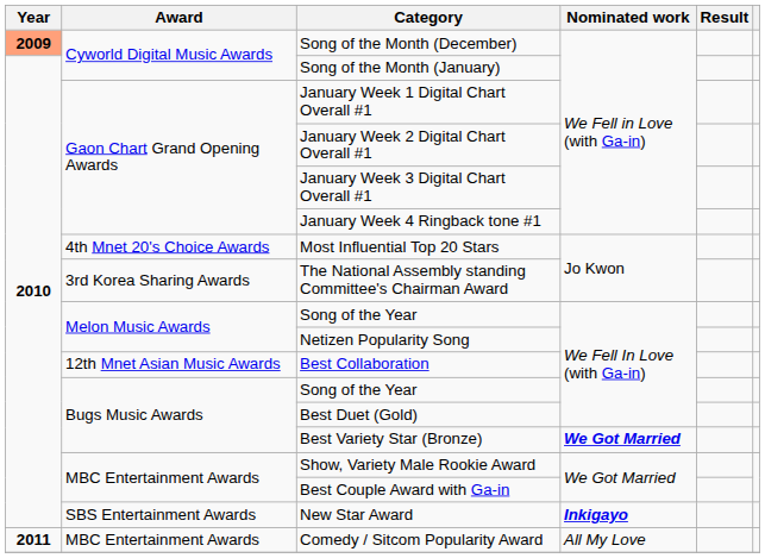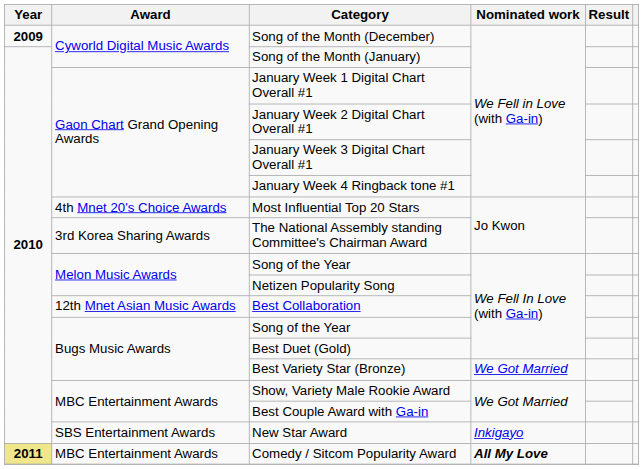 <table class="wikitable sortable">
 <tr>
 <th style="width:50px;">Year</th>
 <th style="width:230px;">Award</th>
 <th style="width:260px;">Category</th>
 <th style="width:130px;">Nominated work</th>
 <th style="width:50px;">Result</th>
 <th></th>
 </tr>
 <tr>
-<td rowspan="1" style="background: lightsalmon; text-align:center;"><strong>2009</strong></td>
+<td rowspan="1" style="text-align:center;"><strong>2009</strong></td>
 <td rowspan="2"><a href='#'>Cyworld Digital Music Awards</a></td>
 <td>Song of the Month (December)</td>
 <td rowspan="6"><em>We Fell in Love</em> (with <a href='#'>Ga-in</a>)</td>
 <td></td>
 <td></td>
 </tr>
 <tr>
 <td rowspan="16" style="text-align:center;"><strong>2010</strong></td>
 <td>Song of the Month (January)</td>
 <td></td>
 <td></td>
 </tr>
 <tr>
 <td rowspan="4"><a href='#'>Gaon Chart</a> Grand Opening Awards</td>
 <td>January Week 1 Digital Chart Overall #1</td>
 <td></td>
 <td></td>
 </tr>
 <tr>
 <td>January Week 2 Digital Chart Overall #1</td>
 <td></td>
 <td></td>
 </tr>
 <tr>
 <td>January Week 3 Digital Chart Overall #1</td>
 <td></td>
 <td></td>
 </tr>
 <tr>
 <td>January Week 4 Ringback tone #1</td>
 <td></td>
 <td></td>
 </tr>
 <tr>
 <td>4th <a href='#'>Mnet 20's Choice Awards</a></td>
 <td>Most Influential Top 20 Stars</td>
 <td rowspan="2">Jo Kwon</td>
 <td></td>
 <td></td>
 </tr>
 <tr>
 <td>3rd Korea Sharing Awards</td>
 <td>The National Assembly standing Committee's Chairman Award</td>
 <td></td>
 <td></td>
 </tr>
 <tr>
 <td rowspan="2"><a href='#'>Melon Music Awards</a></td>
 <td>Song of the Year</td>
 <td rowspan="5"><em>We Fell In Love</em> (with <a href='#'>Ga-in</a>)</td>
 <td></td>
 <td></td>
 </tr>
 <tr>
 <td>Netizen Popularity Song</td>
 <td></td>
 <td></td>
 </tr>
 <tr>
 <td>12th <a href='#'>Mnet Asian Music Awards</a></td>
 <td><a href='#'>Best Collaboration</a></td>
 <td></td>
 <td></td>
 </tr>
 <tr>
 <td rowspan="3">Bugs Music Awards</td>
 <td>Song of the Year</td>
 <td></td>
 <td></td>
 </tr>
 <tr>
 <td>Best Duet (Gold)</td>
 <td></td>
 <td></td>
 </tr>
 <tr>
 <td>Best Variety Star (Bronze)</td>
-<td><strong><em><a href='#'>We Got Married</a></em></strong></td>
+<td><em><a href='#'>We Got Married</a></em></td>
 <td></td>
 <td></td>
 </tr>
 <tr>
 <td rowspan="2">MBC Entertainment Awards</td>
 <td>Show, Variety Male Rookie Award</td>
 <td rowspan="2"><em>We Got Married</em></td>
 <td></td>
 <td rowspan="2"></td>
 </tr>
 <tr>
 <td>Best Couple Award with <a href='#'>Ga-in</a></td>
 <td></td>
 </tr>
 <tr>
 <td>SBS Entertainment Awards</td>
 <td>New Star Award</td>
-<td><strong><em><a href='#'>Inkigayo</a></em></strong></td>
+<td><em><a href='#'>Inkigayo</a></em></td>
 <td></td>
 <td></td>
 </tr>
 <tr>
-<td rowspan="1" style="text-align:center;"><strong>2011</strong></td>
+<td rowspan="1" style="background: khaki; text-align:center;"><strong>2011</strong></td>
 <td>MBC Entertainment Awards</td>
 <td>Comedy / Sitcom Popularity Award</td>
-<td><em>All My Love</em></td>
+<td><strong><em>All My Love</em></strong></td>
 <td></td>
 <td></td>
 </tr>
 <tr>
 </tr>
 </table>
